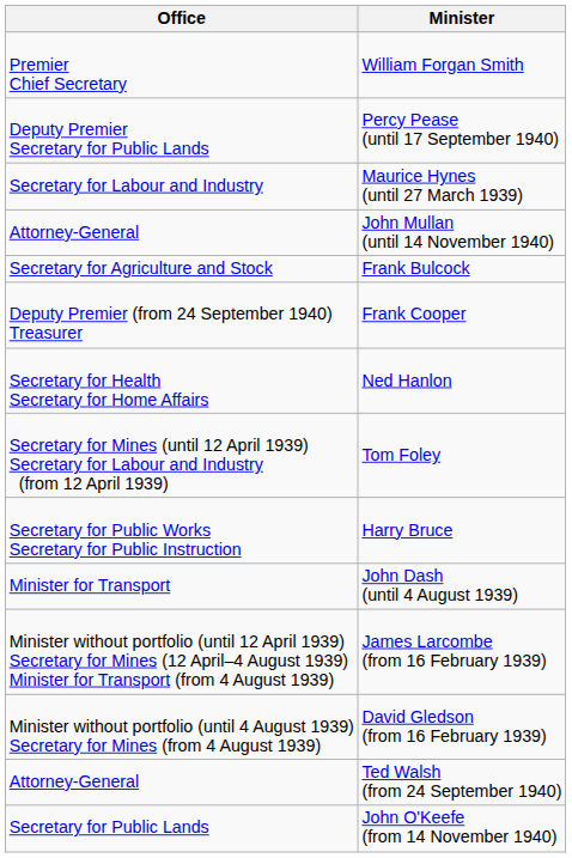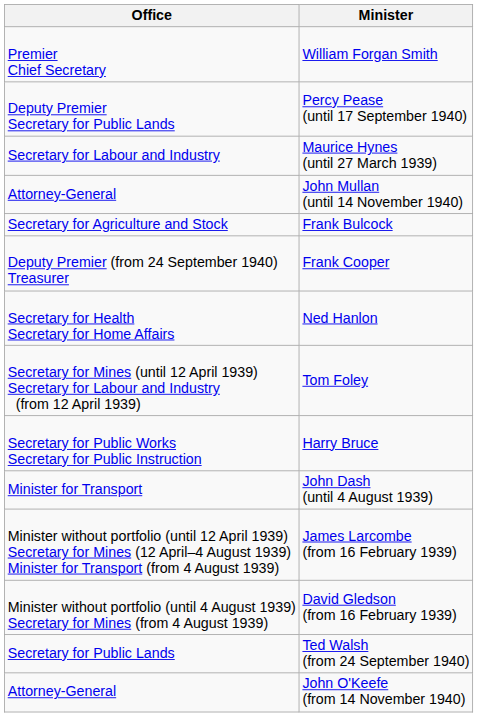 <table class="wikitable">
 <tr>
 <th>Office</th>
 <th>Minister</th>
 </tr>
 <tr>
 <td><br><a href='#'>Premier</a><br> <a href='#'>Chief Secretary</a><br></td>
 <td><a href='#'>William Forgan Smith</a></td>
 </tr>
 <tr>
 <td><br><a href='#'>Deputy Premier</a><br> <a href='#'>Secretary for Public Lands</a></td>
 <td><a href='#'>Percy Pease</a><br>(until 17 September 1940)</td>
 </tr>
 <tr>
 <td><a href='#'>Secretary for Labour and Industry</a></td>
 <td><a href='#'>Maurice Hynes</a><br>(until 27 March 1939)</td>
 </tr>
 <tr>
 <td><a href='#'>Attorney-General</a></td>
 <td><a href='#'>John Mullan</a><br>(until 14 November 1940)</td>
 </tr>
 <tr>
 <td><a href='#'>Secretary for Agriculture and Stock</a></td>
 <td><a href='#'>Frank Bulcock</a></td>
 </tr>
 <tr>
 <td><br><a href='#'>Deputy Premier</a> (from 24 September 1940)<br> <a href='#'>Treasurer</a></td>
 <td><a href='#'>Frank Cooper</a></td>
 </tr>
 <tr>
 <td><br><a href='#'>Secretary for Health</a><br> <a href='#'>Secretary for Home Affairs</a></td>
 <td><a href='#'>Ned Hanlon</a></td>
 </tr>
 <tr>
 <td><br><a href='#'>Secretary for Mines</a> (until 12 April 1939)<br> <a href='#'>Secretary for Labour and Industry</a><br>  (from 12 April 1939)</td>
 <td><a href='#'>Tom Foley</a></td>
 </tr>
 <tr>
 <td><br><a href='#'>Secretary for Public Works</a><br> <a href='#'>Secretary for Public Instruction</a></td>
 <td><a href='#'>Harry Bruce</a></td>
 </tr>
 <tr>
 <td><a href='#'>Minister for Transport</a></td>
 <td><a href='#'>John Dash</a><br>(until 4 August 1939)</td>
 </tr>
 <tr>
 <td><br>Minister without portfolio (until 12 April 1939)<br> <a href='#'>Secretary for Mines</a> (12 April–4 August 1939)<br> <a href='#'>Minister for Transport</a> (from 4 August 1939)</td>
 <td><a href='#'>James Larcombe</a><br>(from 16 February 1939)</td>
 </tr>
 <tr>
 <td><br>Minister without portfolio (until 4 August 1939)<br> <a href='#'>Secretary for Mines</a> (from 4 August 1939)</td>
 <td><a href='#'>David Gledson</a><br>(from 16 February 1939)</td>
 </tr>
 <tr>
-<td><a href='#'>Attorney-General</a></td>
+<td><a href='#'>Secretary for Public Lands</a></td>
 <td><a href='#'>Ted Walsh</a><br>(from 24 September 1940)</td>
 </tr>
 <tr>
-<td><a href='#'>Secretary for Public Lands</a></td>
+<td><a href='#'>Attorney-General</a></td>
 <td><a href='#'>John O'Keefe</a><br>(from 14 November 1940)</td>
 </tr>
 </table>
